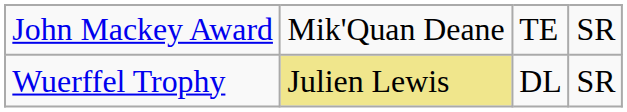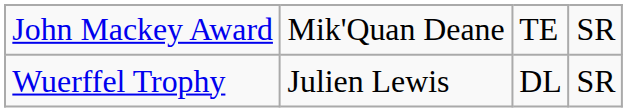 <table class="wikitable">
 <tr>
 <td><a href='#'>John Mackey Award</a></td>
 <td>Mik'Quan Deane</td>
 <td>TE</td>
 <td>SR</td>
 </tr>
 <tr>
 <td><a href='#'>Wuerffel Trophy</a></td>
-<td style="background: khaki;">Julien Lewis</td>
+<td>Julien Lewis</td>
 <td>DL</td>
 <td>SR</td>
 </tr>
 </table>
